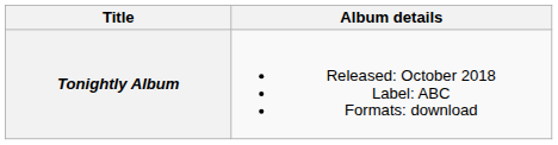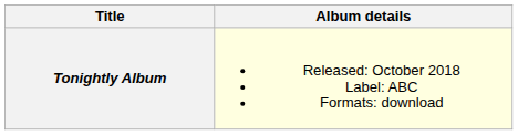 <table class="wikitable plainrowheaders" style="text-align:center;">
 <tr>
 <th scope="col" rowspan="1" style="width:14em;">Title</th>
 <th scope="col" rowspan="1" style="width:20em;">Album details</th>
 </tr>
 <tr>
 <th scope="row"><em>Tonightly Album</em></th>
-<td><br><ul><li>Released: October 2018</li><li>Label: ABC</li><li>Formats: download</li></ul></td>
+<td style="background: lightyellow;"><br><ul><li>Released: October 2018</li><li>Label: ABC</li><li>Formats: download</li></ul></td>
 </tr>
 </table>
